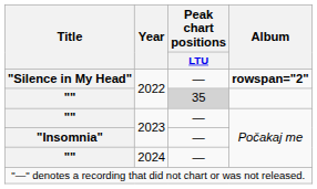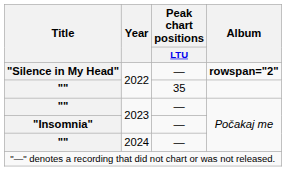 <table class="wikitable plainrowheaders" style="text-align:center;">
 <tr>
 <th scope="col" rowspan="2">Title</th>
 <th scope="col" rowspan="2">Year</th>
 <th scope="col" colspan="1">Peak chart positions</th>
 <th scope="col" rowspan="2">Album</th>
 </tr>
 <tr>
 <th scope="col" style="width:3em;font-size:85%;"><a href='#'>LTU</a><br></th>
 </tr>
 <tr>
 <th scope="row">"Silence in My Head"</th>
 <td rowspan="2">2022</td>
 <td>—</td>
 <td><strong>rowspan="2" </strong></td>
 </tr>
 <tr>
 <th scope="row">""</th>
-<td style="background: lightgrey;">35</td>
+<td>35</td>
 </tr>
 <tr>
 <th scope="row">""</th>
 <td rowspan="2">2023</td>
 <td>—</td>
 <td rowspan="3"><em>Počakaj me</em></td>
 </tr>
 <tr>
 <th scope="row">"Insomnia"</th>
 <td>—</td>
 </tr>
 <tr>
 <th scope="row">""</th>
 <td>2024</td>
 <td>—</td>
 </tr>
 <tr>
 <td style="font-size:85%;" colspan="22">"—" denotes a recording that did not chart or was not released.</td>
 </tr>
 </table>
